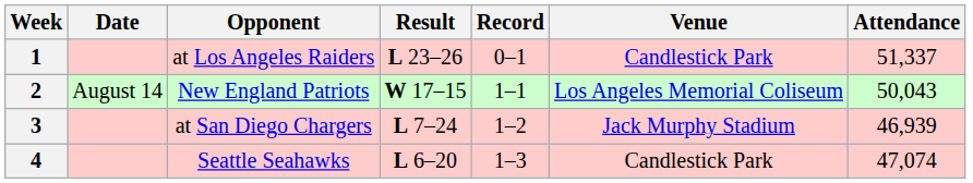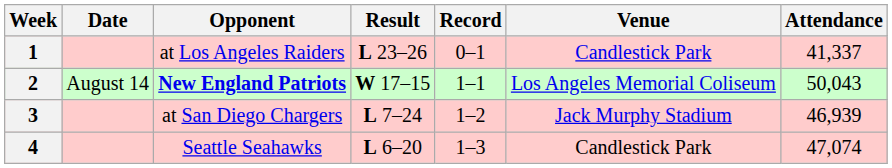 <table class="wikitable" style="text-align:center">
 <tr>
 <th>Week</th>
 <th>Date</th>
 <th>Opponent</th>
 <th>Result</th>
 <th>Record</th>
 <th>Venue</th>
 <th>Attendance</th>
 </tr>
 <tr style="background:#fcc">
 <th>1</th>
 <td></td>
 <td>at <a href='#'>Los Angeles Raiders</a></td>
 <td><strong>L</strong> 23–26 </td>
 <td>0–1</td>
 <td><a href='#'>Candlestick Park</a></td>
-<td>51,337</td>
+<td>41,337</td>
 </tr>
 <tr style="background:#cfc">
 <th>2</th>
 <td>August 14</td>
-<td><a href='#'>New England Patriots</a></td>
+<td><strong><a href='#'>New England Patriots</a></strong></td>
 <td><strong>W</strong> 17–15</td>
 <td>1–1</td>
 <td><a href='#'>Los Angeles Memorial Coliseum</a></td>
 <td>50,043</td>
 </tr>
 <tr style="background:#fcc">
 <th>3</th>
 <td></td>
 <td>at <a href='#'>San Diego Chargers</a></td>
 <td><strong>L</strong> 7–24</td>
 <td>1–2</td>
 <td><a href='#'>Jack Murphy Stadium</a></td>
 <td>46,939</td>
 </tr>
 <tr style="background:#fcc">
 <th>4</th>
 <td></td>
 <td><a href='#'>Seattle Seahawks</a></td>
 <td><strong>L</strong> 6–20</td>
 <td>1–3</td>
 <td>Candlestick Park</td>
 <td>47,074</td>
 </tr>
 </table>
